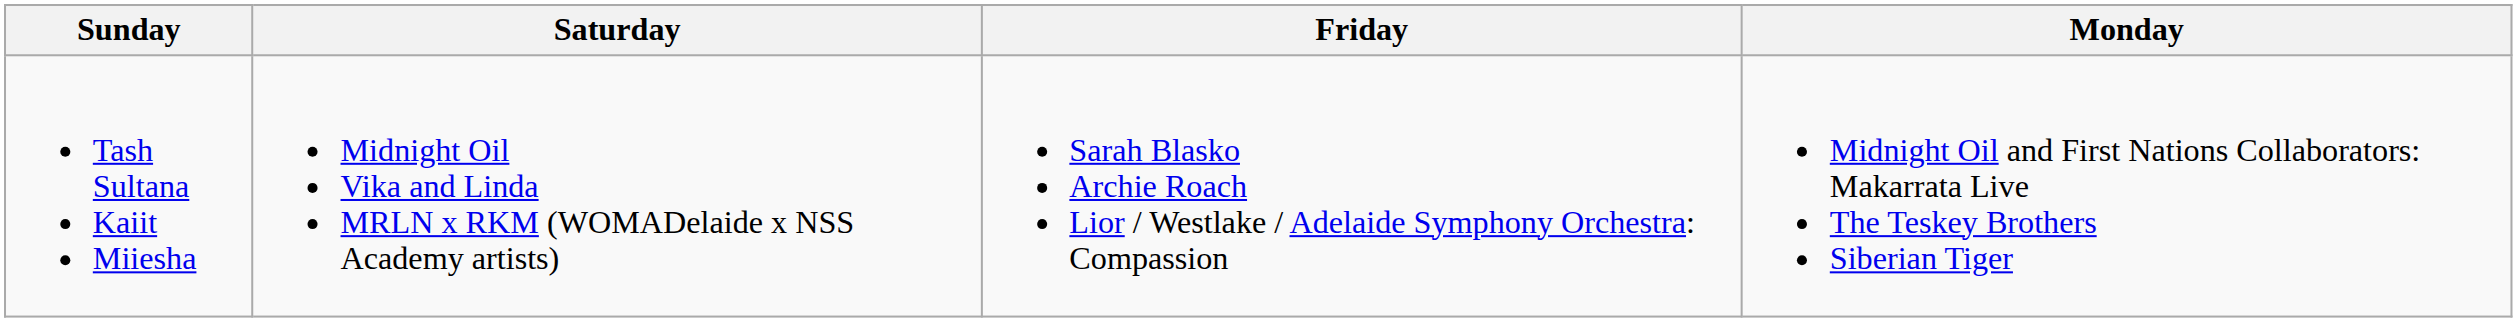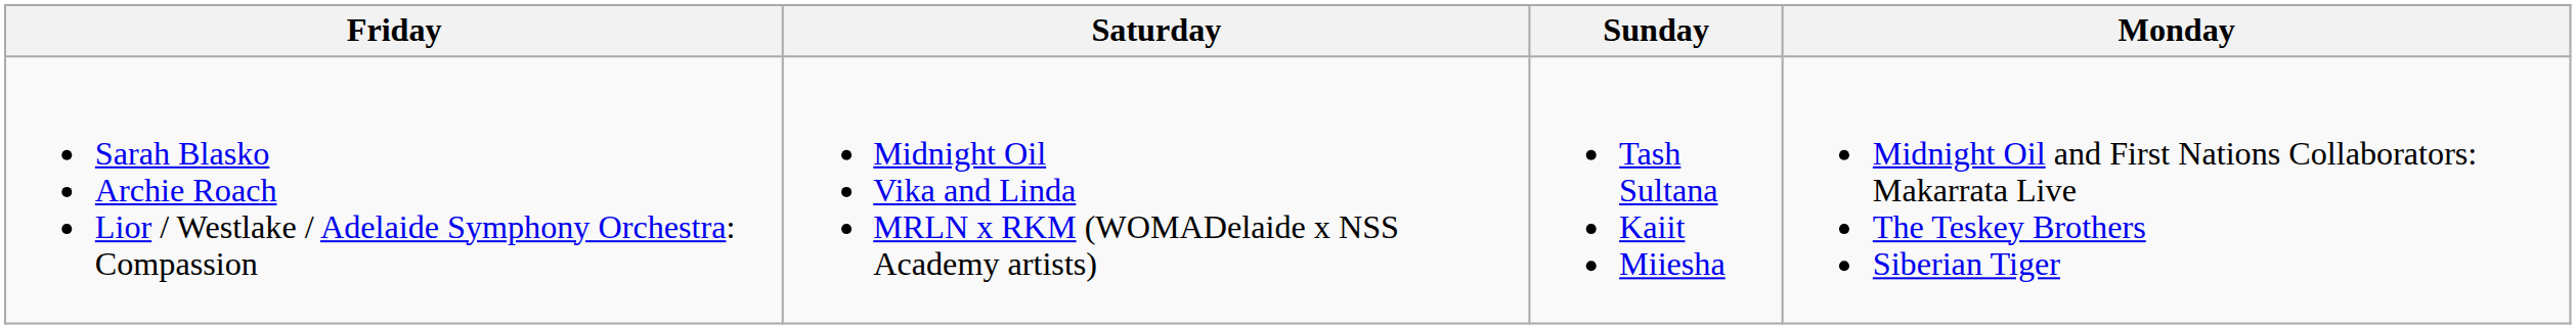 <table class="wikitable sortable" style="text-align:left;">
 <tr>
+<th scope="col">Friday</th>
+<th scope="col">Saturday</th>
 <th scope="col">Sunday</th>
-<th scope="col">Saturday</th>
-<th scope="col">Friday</th>
 <th scope="col">Monday</th>
 </tr>
 <tr>
+<td><br><ul><li><a href='#'>Sarah Blasko</a></li><li><a href='#'>Archie Roach</a></li><li><a href='#'>Lior</a> / Westlake / <a href='#'>Adelaide Symphony Orchestra</a>: Compassion</li></ul></td>
+<td><br><ul><li><a href='#'>Midnight Oil</a></li><li><a href='#'>Vika and Linda</a></li><li><a href='#'>MRLN x RKM</a> (WOMADelaide x NSS Academy artists)</li></ul></td>
 <td><br><ul><li><a href='#'>Tash Sultana</a></li><li><a href='#'>Kaiit</a></li><li><a href='#'>Miiesha</a></li></ul></td>
-<td><br><ul><li><a href='#'>Midnight Oil</a></li><li><a href='#'>Vika and Linda</a></li><li><a href='#'>MRLN x RKM</a> (WOMADelaide x NSS Academy artists)</li></ul></td>
-<td><br><ul><li><a href='#'>Sarah Blasko</a></li><li><a href='#'>Archie Roach</a></li><li><a href='#'>Lior</a> / Westlake / <a href='#'>Adelaide Symphony Orchestra</a>: Compassion</li></ul></td>
 <td><br><ul><li><a href='#'>Midnight Oil</a> and First Nations Collaborators: Makarrata Live</li><li><a href='#'>The Teskey Brothers</a></li><li><a href='#'>Siberian Tiger</a></li></ul></td>
 </tr>
 </table>
